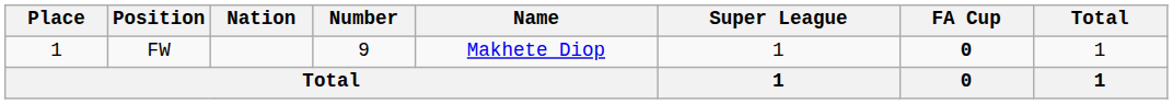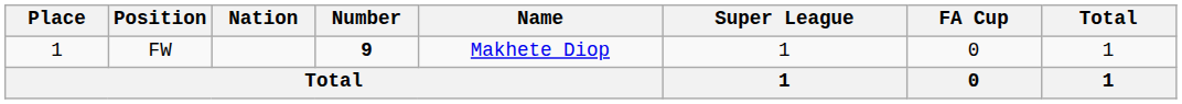 <table class="wikitable" style="font-size: 95%; text-align: center;">
 <tr>
 <th width=60>Place</th>
 <th width=60>Position</th>
 <th width=60>Nation</th>
 <th width=60>Number</th>
 <th width=150>Name</th>
 <th width=150>Super League</th>
 <th width=80>FA Cup</th>
 <th width=80>Total</th>
 </tr>
 <tr>
 <td>1</td>
 <td>FW</td>
 <td></td>
-<td>9</td>
+<td><strong>9</strong></td>
 <td><a href='#'>Makhete Diop</a></td>
 <td>1</td>
-<td><strong>0</strong></td>
+<td>0</td>
 <td>1</td>
 </tr>
 <tr>
 <th colspan=5>Total</th>
 <th>1</th>
 <th>0</th>
 <th>1</th>
 </tr>
 </table>
